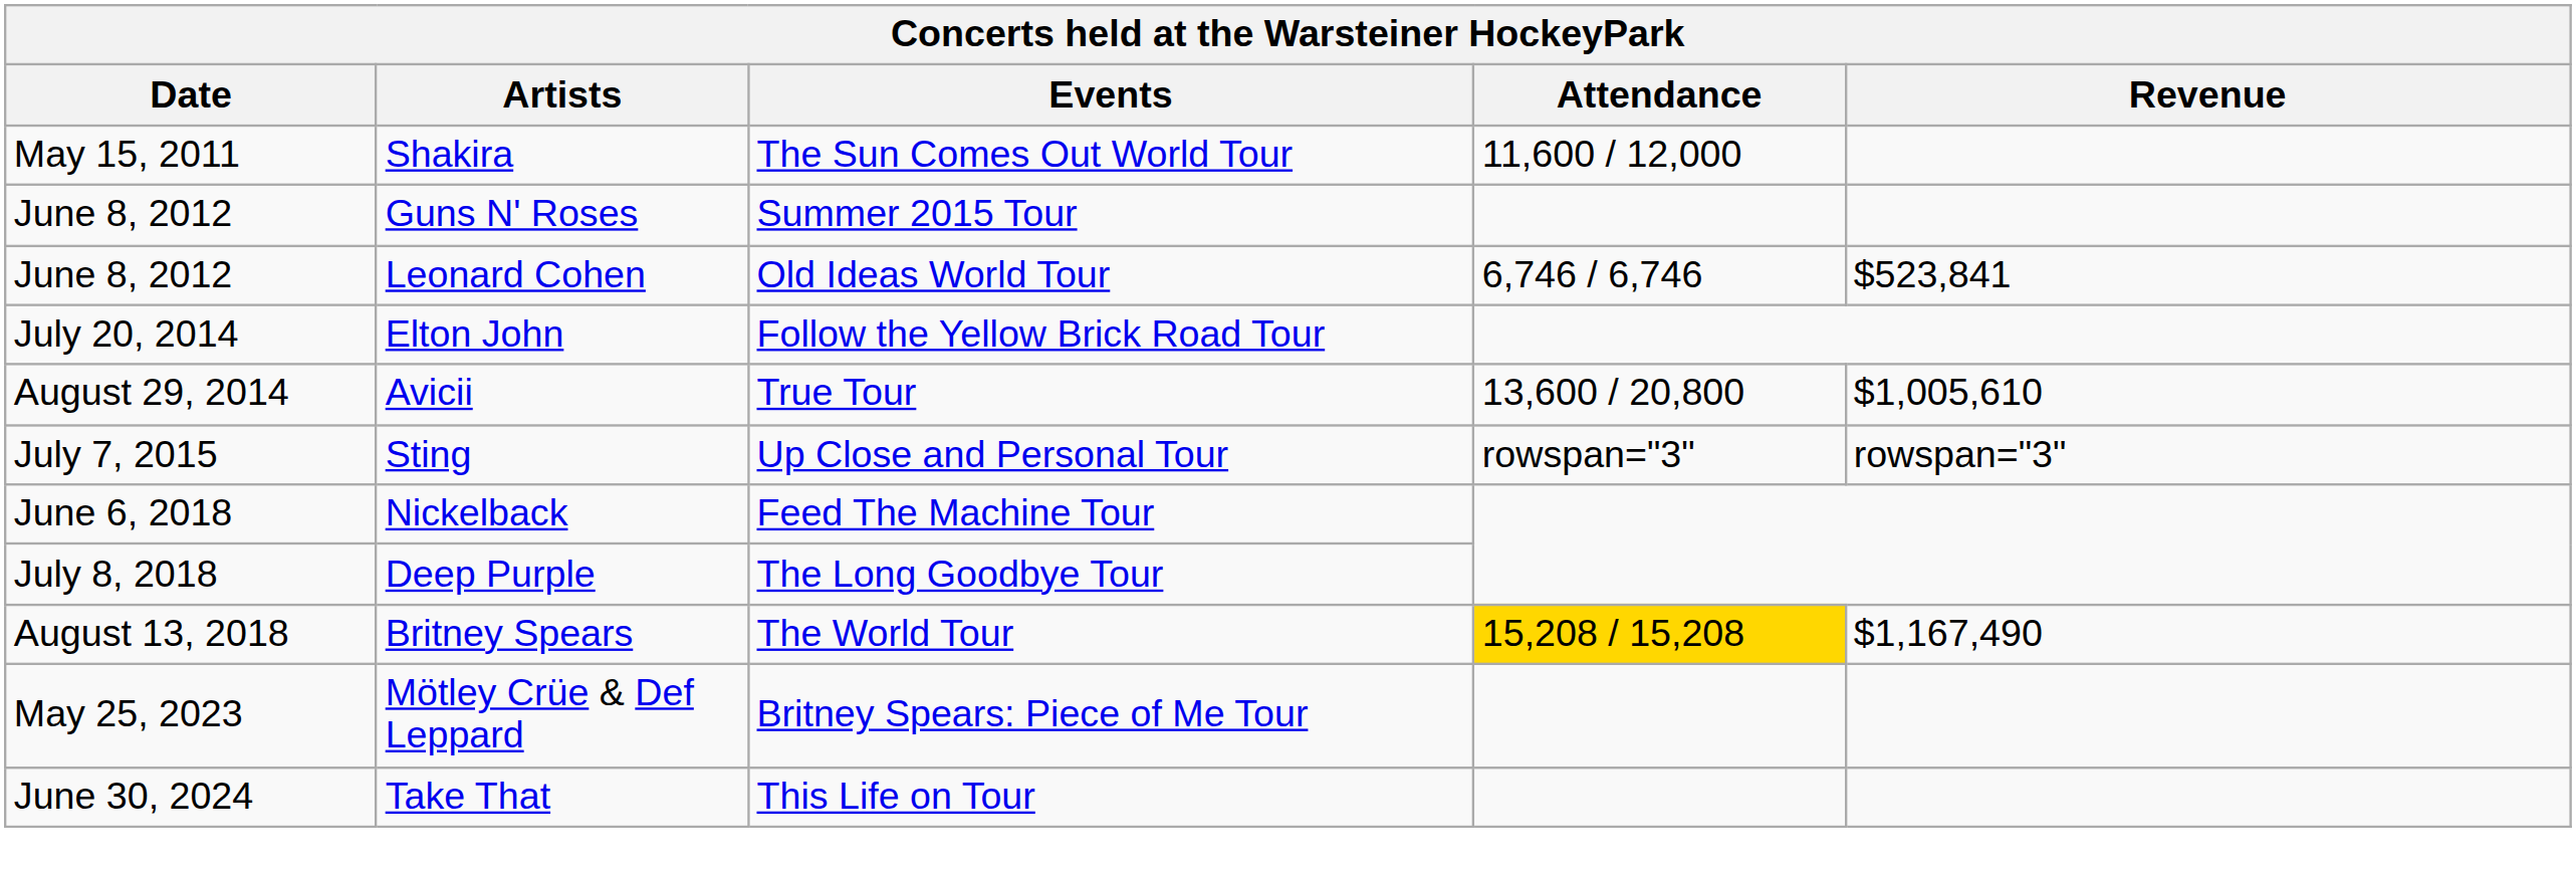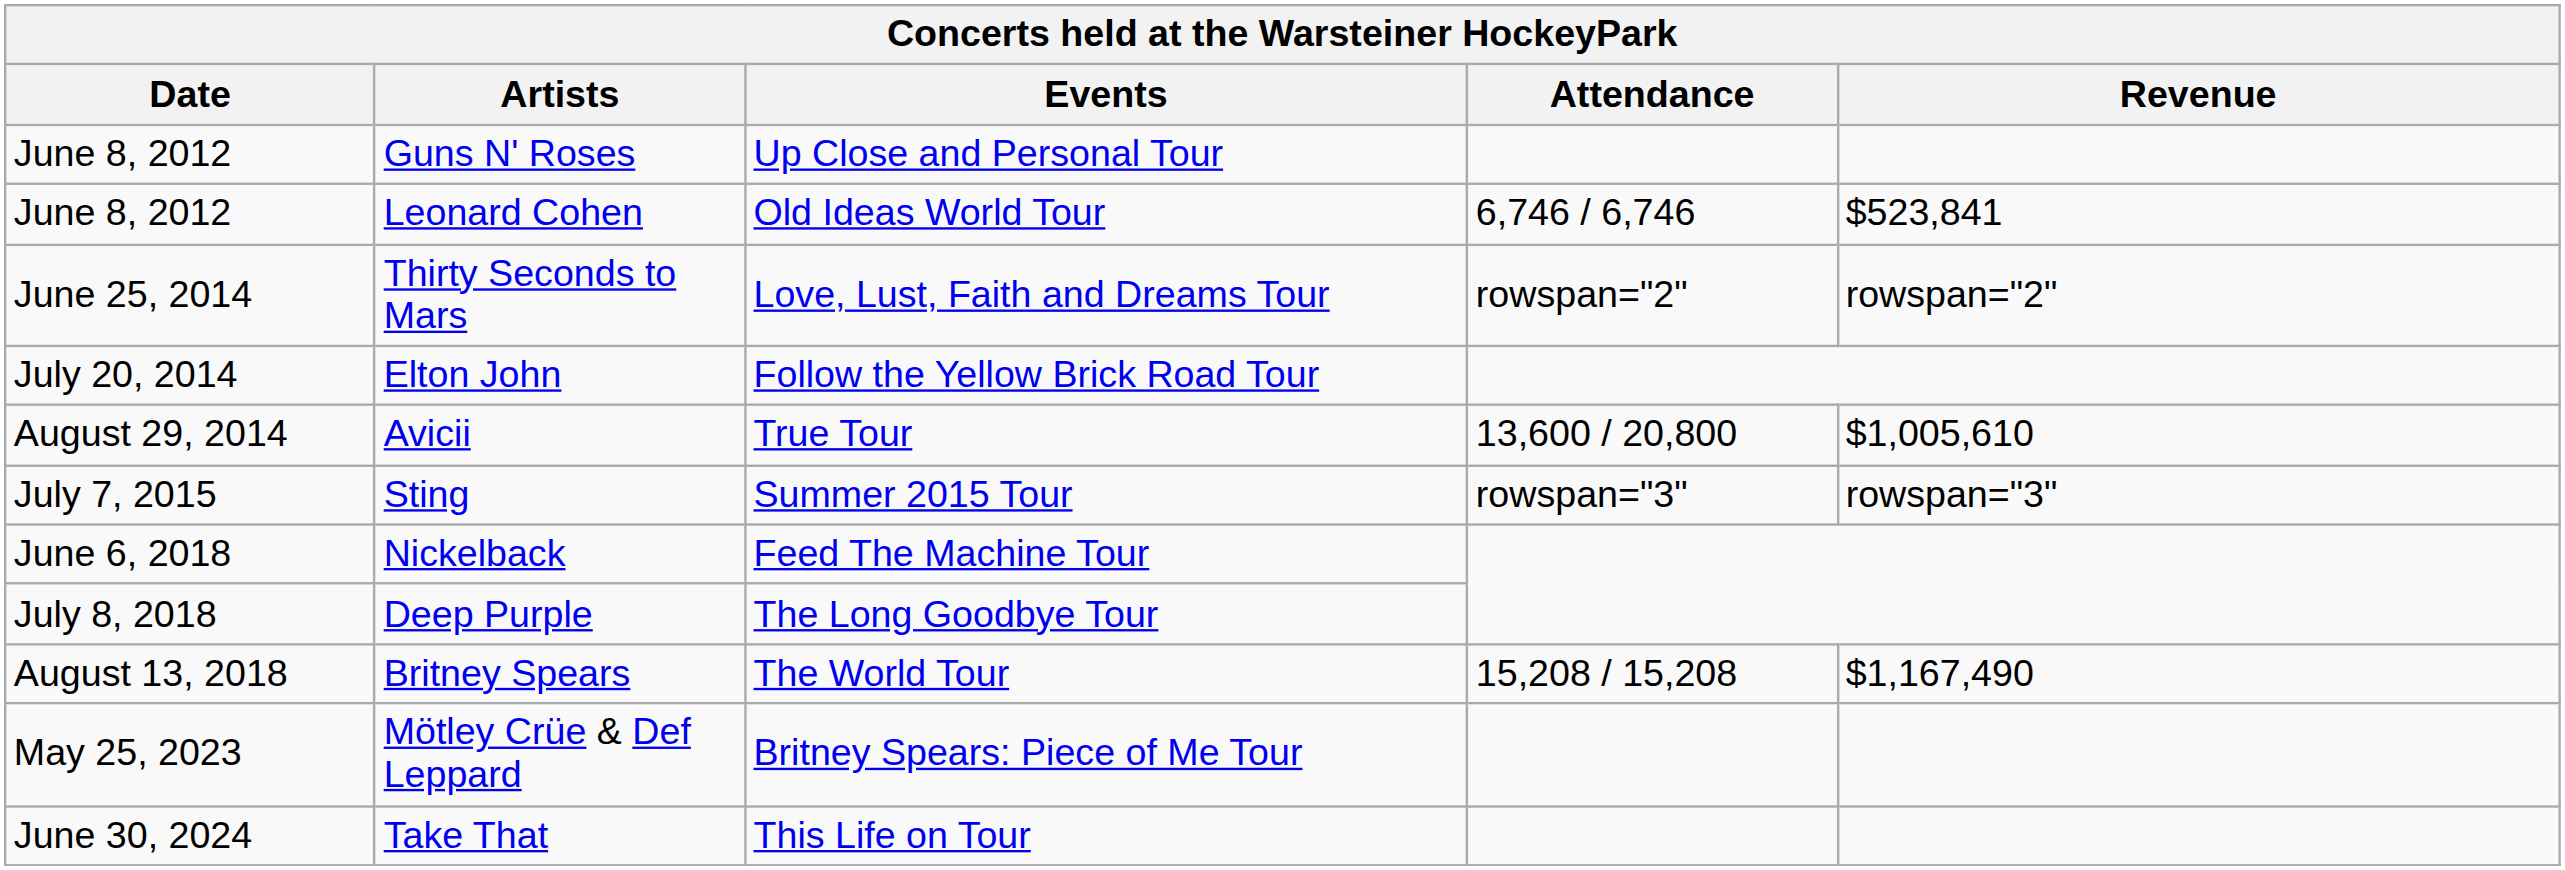 <table class="wikitable collapsible collapsed">
 <tr>
 <th colspan="5">Concerts held at the Warsteiner HockeyPark</th>
 </tr>
 <tr>
 <th width=150>Date</th>
 <th width=150>Artists</th>
 <th width=300>Events</th>
 <th width=150>Attendance</th>
 <th width=300>Revenue</th>
 </tr>
 <tr>
-<td>May 15, 2011</td>
-<td><a href='#'>Shakira</a></td>
-<td><a href='#'>The Sun Comes Out World Tour</a></td>
-<td>11,600 / 12,000</td>
-<td></td>
-</tr>
-<tr>
 <td>June 8, 2012</td>
 <td><a href='#'>Guns N' Roses</a></td>
-<td><a href='#'>Summer 2015 Tour</a></td>
+<td><a href='#'>Up Close and Personal Tour</a></td>
 <td></td>
 <td></td>
 </tr>
 <tr>
 <td>June 8, 2012</td>
 <td><a href='#'>Leonard Cohen</a></td>
 <td><a href='#'>Old Ideas World Tour</a></td>
 <td>6,746 / 6,746</td>
 <td>$523,841</td>
+</tr>
+<tr>
+<td>June 25, 2014</td>
+<td><a href='#'>Thirty Seconds to Mars</a></td>
+<td><a href='#'>Love, Lust, Faith and Dreams Tour</a></td>
+<td>rowspan="2" </td>
+<td>rowspan="2" </td>
 </tr>
 <tr>
 <td>July 20, 2014</td>
 <td><a href='#'>Elton John</a></td>
 <td><a href='#'>Follow the Yellow Brick Road Tour</a></td>
 </tr>
 <tr>
 <td>August 29, 2014</td>
 <td><a href='#'>Avicii</a></td>
 <td><a href='#'>True Tour</a></td>
 <td>13,600 / 20,800</td>
 <td>$1,005,610</td>
 </tr>
 <tr>
 <td>July 7, 2015</td>
 <td><a href='#'>Sting</a></td>
-<td><a href='#'>Up Close and Personal Tour</a></td>
+<td><a href='#'>Summer 2015 Tour</a></td>
 <td>rowspan="3" </td>
 <td>rowspan="3" </td>
 </tr>
 <tr>
 <td>June 6, 2018</td>
 <td><a href='#'>Nickelback</a></td>
 <td><a href='#'>Feed The Machine Tour</a></td>
 </tr>
 <tr>
 <td>July 8, 2018</td>
 <td><a href='#'>Deep Purple</a></td>
 <td><a href='#'>The Long Goodbye Tour</a></td>
 </tr>
 <tr>
 <td>August 13, 2018</td>
 <td><a href='#'>Britney Spears</a></td>
 <td><a href='#'>The World Tour</a></td>
-<td style="background: gold;">15,208 / 15,208</td>
+<td>15,208 / 15,208</td>
 <td>$1,167,490</td>
 </tr>
 <tr>
 <td>May 25, 2023</td>
 <td><a href='#'>Mötley Crüe</a> & <a href='#'>Def Leppard</a></td>
 <td><a href='#'>Britney Spears: Piece of Me Tour</a></td>
 <td></td>
 <td></td>
 </tr>
 <tr>
 <td>June 30, 2024</td>
 <td><a href='#'>Take That</a></td>
 <td><a href='#'>This Life on Tour</a></td>
 <td></td>
 <td></td>
 </tr>
 </table>
